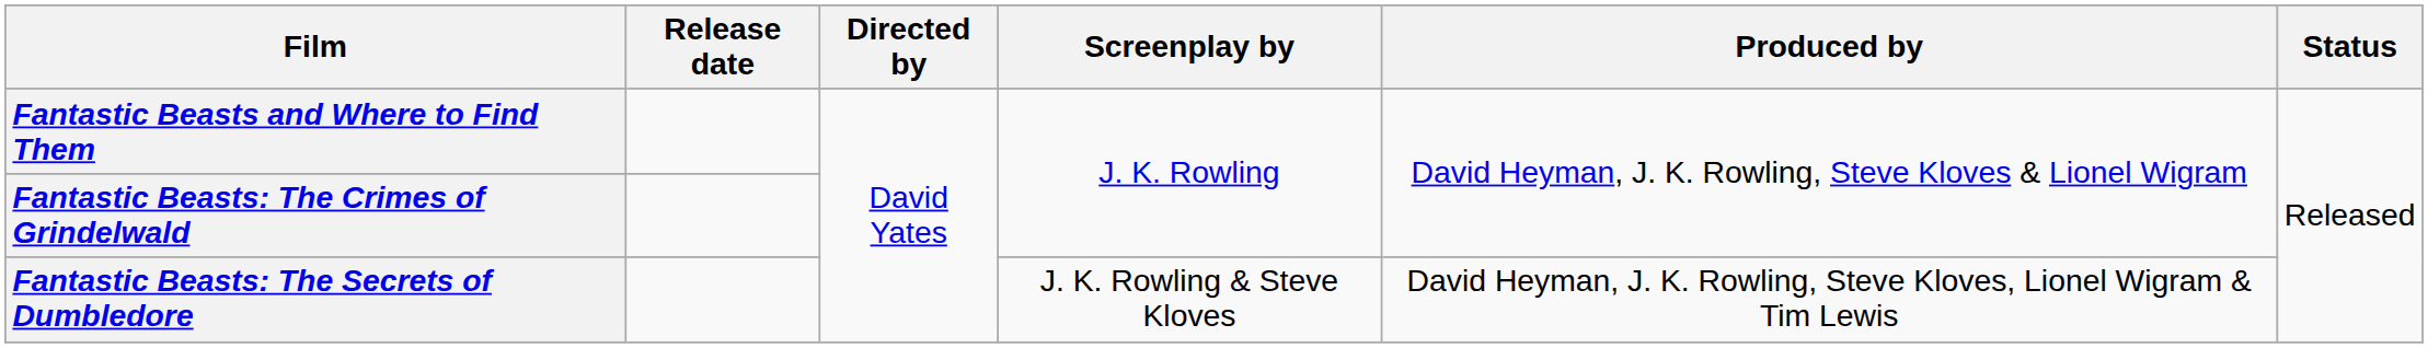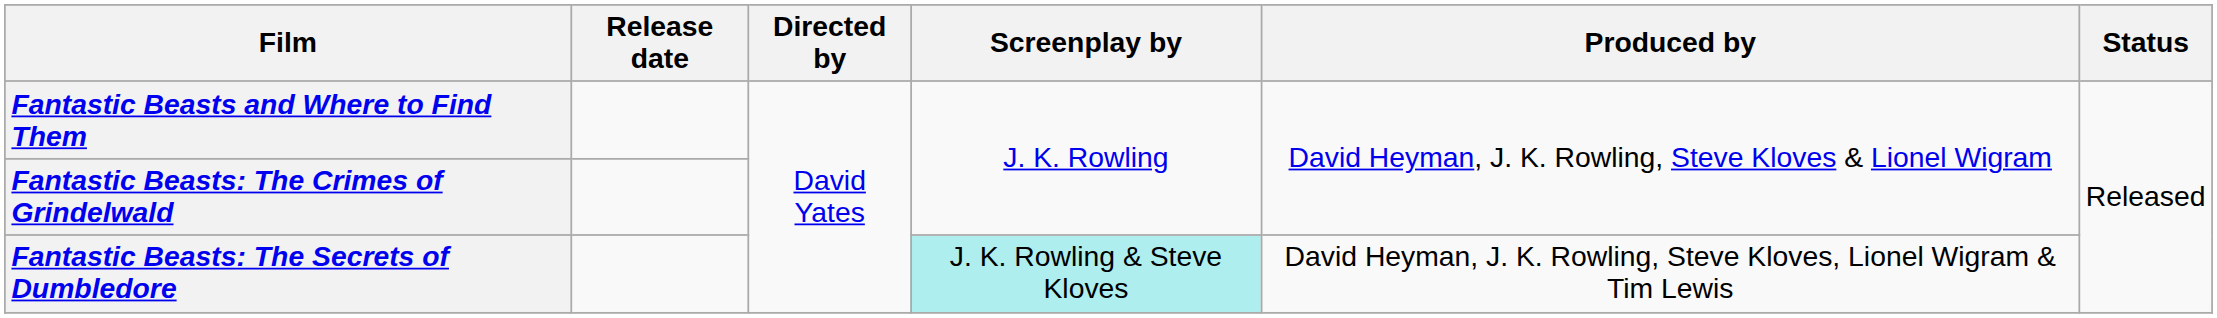 <table class="wikitable plainrowheaders" style="text-align:center">
 <tr>
 <th scope="col">Film</th>
 <th scope="col">Release date</th>
 <th scope="col">Directed by</th>
 <th scope="col">Screenplay by</th>
 <th scope="col">Produced by</th>
 <th scope="col">Status</th>
 </tr>
 <tr>
 <th scope="row" style="text-align:left"><em><a href='#'>Fantastic Beasts and Where to Find Them</a></em></th>
 <td style="text-align:left"></td>
 <td rowspan="3"><a href='#'>David Yates</a></td>
 <td rowspan="2"><a href='#'>J. K. Rowling</a></td>
 <td rowspan="2"><a href='#'>David Heyman</a>, J. K. Rowling, <a href='#'>Steve Kloves</a> & <a href='#'>Lionel Wigram</a></td>
 <td rowspan="3">Released</td>
 </tr>
 <tr>
 <th scope="row" style="text-align:left"><em><a href='#'>Fantastic Beasts: The Crimes of Grindelwald</a></em></th>
 <td style="text-align:left"></td>
 </tr>
 <tr>
 <th scope="row" style="text-align:left"><em><a href='#'>Fantastic Beasts: The Secrets of Dumbledore</a></em></th>
 <td style="text-align:left"></td>
-<td>J. K. Rowling & Steve Kloves</td>
+<td style="background: paleturquoise;">J. K. Rowling & Steve Kloves</td>
 <td>David Heyman, J. K. Rowling, Steve Kloves, Lionel Wigram & Tim Lewis</td>
 </tr>
 </table>
